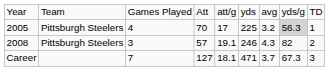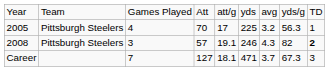 <table class="wikitable">
 <tr>
 <td>Year</td>
 <td>Team</td>
 <td>Games Played</td>
 <td>Att</td>
 <td>att/g</td>
 <td>yds</td>
 <td>avg</td>
 <td>yds/g</td>
 <td>TD</td>
 </tr>
 <tr>
 <td>2005</td>
 <td>Pittsburgh Steelers</td>
 <td>4</td>
 <td>70</td>
 <td>17</td>
 <td>225</td>
 <td>3.2</td>
-<td style="background: lightgrey;">56.3</td>
+<td>56.3</td>
 <td>1</td>
 </tr>
 <tr>
 <td>2008</td>
 <td>Pittsburgh Steelers</td>
 <td>3</td>
 <td>57</td>
 <td>19.1</td>
 <td>246</td>
 <td>4.3</td>
 <td>82</td>
-<td>2</td>
+<td><strong>2</strong></td>
 </tr>
 <tr>
 <td>Career</td>
 <td></td>
 <td>7</td>
 <td>127</td>
 <td>18.1</td>
 <td>471</td>
 <td>3.7</td>
 <td>67.3</td>
 <td>3</td>
 </tr>
 </table>
